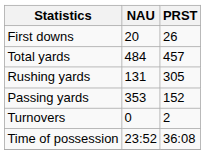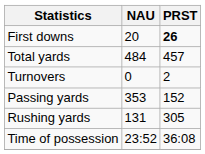 <table class="wikitable" style="float: left;">
 <tr>
 <th>Statistics</th>
 <th>NAU</th>
 <th>PRST</th>
 </tr>
 <tr>
 <td>First downs</td>
 <td>20</td>
-<td>26</td>
+<td><strong>26</strong></td>
 </tr>
 <tr>
 <td>Total yards</td>
 <td>484</td>
 <td>457</td>
 </tr>
 <tr>
-<td>Rushing yards</td>
-<td>131</td>
-<td>305</td>
+<td>Turnovers</td>
+<td>0</td>
+<td>2</td>
 </tr>
 <tr>
 <td>Passing yards</td>
 <td>353</td>
 <td>152</td>
 </tr>
 <tr>
-<td>Turnovers</td>
-<td>0</td>
-<td>2</td>
+<td>Rushing yards</td>
+<td>131</td>
+<td>305</td>
 </tr>
 <tr>
 <td>Time of possession</td>
 <td>23:52</td>
 <td>36:08</td>
 </tr>
 <tr>
 </tr>
 </table>
